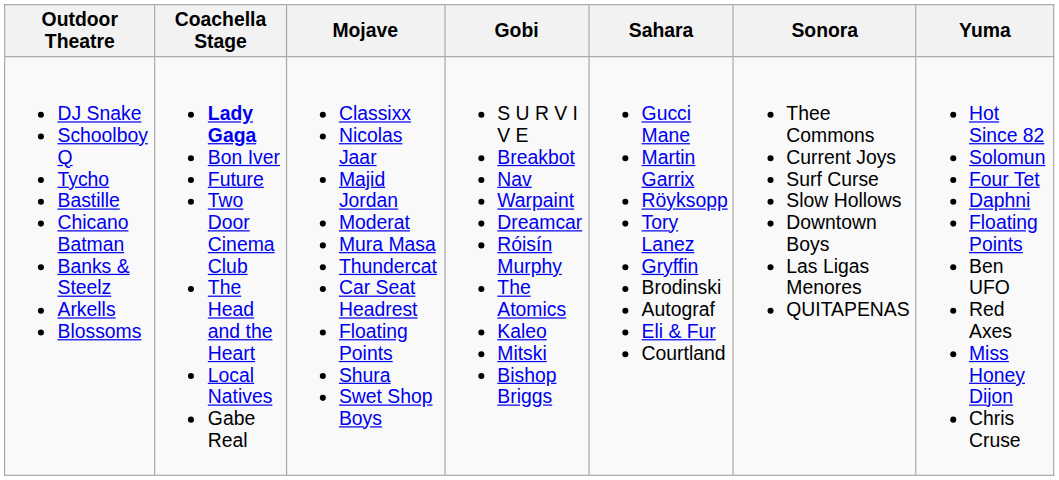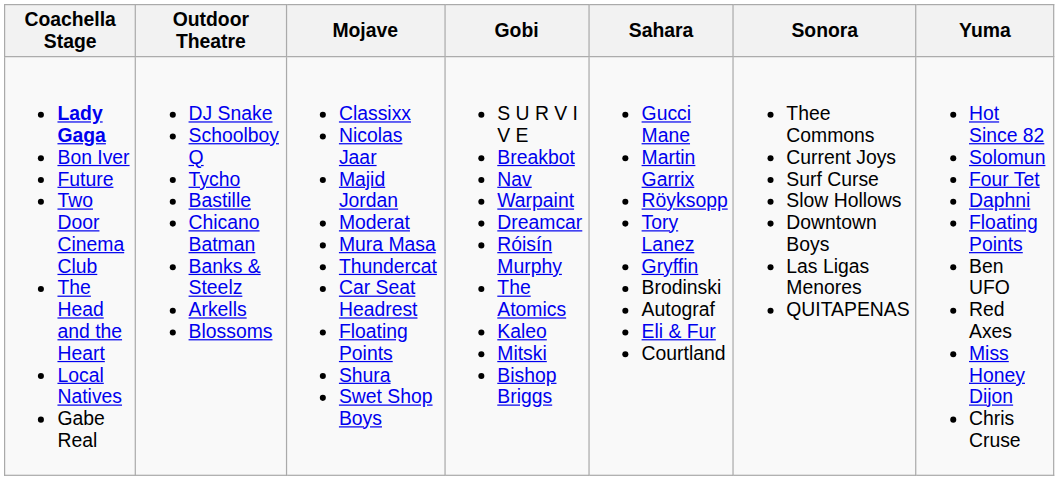 <table class="wikitable">
 <tr>
+<th>Coachella Stage</th>
 <th>Outdoor Theatre</th>
-<th>Coachella Stage</th>
 <th>Mojave</th>
 <th>Gobi</th>
 <th>Sahara</th>
 <th>Sonora</th>
 <th>Yuma</th>
 </tr>
 <tr valign="top">
+<td><br><ul><li><strong><a href='#'>Lady Gaga</a></strong></li><li><a href='#'>Bon Iver</a></li><li><a href='#'>Future</a></li><li><a href='#'>Two Door Cinema Club</a></li><li><a href='#'>The Head and the Heart</a></li><li><a href='#'>Local Natives</a></li><li>Gabe Real</li></ul></td>
 <td><br><ul><li><a href='#'>DJ Snake</a></li><li><a href='#'>Schoolboy Q</a></li><li><a href='#'>Tycho</a></li><li><a href='#'>Bastille</a></li><li><a href='#'>Chicano Batman</a></li><li><a href='#'>Banks & Steelz</a></li><li><a href='#'>Arkells</a></li><li><a href='#'>Blossoms</a></li></ul></td>
-<td><br><ul><li><strong><a href='#'>Lady Gaga</a></strong></li><li><a href='#'>Bon Iver</a></li><li><a href='#'>Future</a></li><li><a href='#'>Two Door Cinema Club</a></li><li><a href='#'>The Head and the Heart</a></li><li><a href='#'>Local Natives</a></li><li>Gabe Real</li></ul></td>
 <td><br><ul><li><a href='#'>Classixx</a></li><li><a href='#'>Nicolas Jaar</a></li><li><a href='#'>Majid Jordan</a></li><li><a href='#'>Moderat</a></li><li><a href='#'>Mura Masa</a></li><li><a href='#'>Thundercat</a></li><li><a href='#'>Car Seat Headrest</a></li><li><a href='#'>Floating Points</a></li><li><a href='#'>Shura</a></li><li><a href='#'>Swet Shop Boys</a></li></ul></td>
 <td><br><ul><li>S U R V I V E</li><li><a href='#'>Breakbot</a></li><li><a href='#'>Nav</a></li><li><a href='#'>Warpaint</a></li><li><a href='#'>Dreamcar</a></li><li><a href='#'>Róisín Murphy</a></li><li><a href='#'>The Atomics</a></li><li><a href='#'>Kaleo</a></li><li><a href='#'>Mitski</a></li><li><a href='#'>Bishop Briggs</a></li></ul></td>
 <td><br><ul><li><a href='#'>Gucci Mane</a></li><li><a href='#'>Martin Garrix</a></li><li><a href='#'>Röyksopp</a></li><li><a href='#'>Tory Lanez</a></li><li><a href='#'>Gryffin</a></li><li>Brodinski</li><li>Autograf</li><li><a href='#'>Eli & Fur</a></li><li>Courtland</li></ul></td>
 <td><br><ul><li>Thee Commons</li><li>Current Joys</li><li>Surf Curse</li><li>Slow Hollows</li><li>Downtown Boys</li><li>Las Ligas Menores</li><li>QUITAPENAS</li></ul></td>
 <td><br><ul><li><a href='#'>Hot Since 82</a></li><li><a href='#'>Solomun</a></li><li><a href='#'>Four Tet</a></li><li><a href='#'>Daphni</a></li><li><a href='#'>Floating Points</a></li><li>Ben UFO</li><li>Red Axes</li><li><a href='#'>Miss Honey Dijon</a></li><li>Chris Cruse</li></ul></td>
 </tr>
 </table>
